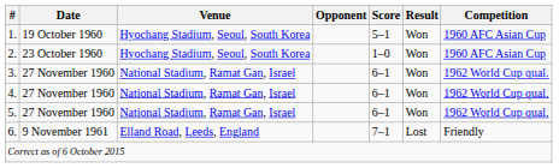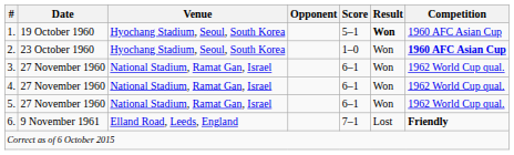 <table class="wikitable" style="font-size:95%;">
 <tr>
 <th>#</th>
 <th>Date</th>
 <th>Venue</th>
 <th>Opponent</th>
 <th>Score</th>
 <th>Result</th>
 <th>Competition</th>
 </tr>
 <tr>
 <td>1.</td>
 <td>19 October 1960</td>
 <td><a href='#'>Hyochang Stadium</a>, <a href='#'>Seoul</a>, <a href='#'>South Korea</a></td>
 <td></td>
 <td>5–1</td>
-<td>Won</td>
+<td><strong>Won</strong></td>
 <td><a href='#'>1960 AFC Asian Cup</a></td>
 </tr>
 <tr>
 <td>2.</td>
 <td>23 October 1960</td>
 <td><a href='#'>Hyochang Stadium</a>, <a href='#'>Seoul</a>, <a href='#'>South Korea</a></td>
 <td></td>
 <td>1–0</td>
 <td>Won</td>
-<td><a href='#'>1960 AFC Asian Cup</a></td>
+<td><strong><a href='#'>1960 AFC Asian Cup</a></strong></td>
 </tr>
 <tr>
 <td>3.</td>
 <td>27 November 1960</td>
 <td><a href='#'>National Stadium</a>, <a href='#'>Ramat Gan</a>, <a href='#'>Israel</a></td>
 <td></td>
 <td>6–1</td>
 <td>Won</td>
 <td><a href='#'>1962 World Cup qual.</a></td>
 </tr>
 <tr>
 <td>4.</td>
 <td>27 November 1960</td>
 <td><a href='#'>National Stadium</a>, <a href='#'>Ramat Gan</a>, <a href='#'>Israel</a></td>
 <td></td>
 <td>6–1</td>
 <td>Won</td>
 <td><a href='#'>1962 World Cup qual.</a></td>
 </tr>
 <tr>
 <td>5.</td>
 <td>27 November 1960</td>
 <td><a href='#'>National Stadium</a>, <a href='#'>Ramat Gan</a>, <a href='#'>Israel</a></td>
 <td></td>
 <td>6–1</td>
 <td>Won</td>
 <td><a href='#'>1962 World Cup qual.</a></td>
 </tr>
 <tr>
 <td>6.</td>
 <td>9 November 1961</td>
 <td><a href='#'>Elland Road</a>, <a href='#'>Leeds</a>, <a href='#'>England</a></td>
 <td></td>
 <td>7–1</td>
 <td>Lost</td>
-<td>Friendly</td>
+<td><strong>Friendly</strong></td>
 </tr>
 <tr>
 <td colspan="12"><small><em>Correct as of 6 October 2015</em></small></td>
 </tr>
 </table>
